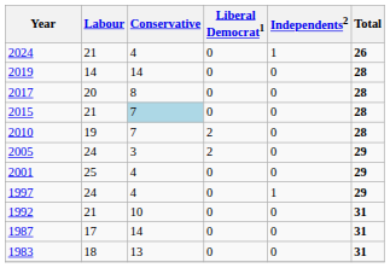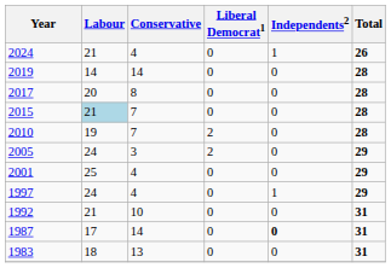 <table class="wikitable">
 <tr>
 <th width=20%>Year</th>
 <th><a href='#'>Labour</a></th>
 <th><a href='#'>Conservative</a></th>
 <th><a href='#'>Liberal</a><br><a href='#'>Democrat</a><sup>1</sup></th>
 <th><a href='#'>Independents</a><sup>2</sup></th>
 <th><strong>Total</strong></th>
 </tr>
 <tr>
 <td><a href='#'>2024</a></td>
 <td>21</td>
 <td>4</td>
 <td>0</td>
 <td>1</td>
 <td><strong>26</strong></td>
 </tr>
 <tr>
 <td><a href='#'>2019</a></td>
 <td>14</td>
 <td>14</td>
 <td>0</td>
 <td>0</td>
 <td><strong>28</strong></td>
 </tr>
 <tr>
 <td><a href='#'>2017</a></td>
 <td>20</td>
 <td>8</td>
 <td>0</td>
 <td>0</td>
 <td><strong>28</strong></td>
 </tr>
 <tr>
 <td><a href='#'>2015</a></td>
-<td>21</td>
-<td style="background: lightblue;">7</td>
+<td style="background: lightblue;">21</td>
+<td>7</td>
 <td>0</td>
 <td>0</td>
 <td><strong>28</strong></td>
 </tr>
 <tr>
 <td><a href='#'>2010</a></td>
 <td>19</td>
 <td>7</td>
 <td>2</td>
 <td>0</td>
 <td><strong>28</strong></td>
 </tr>
 <tr>
 <td><a href='#'>2005</a></td>
 <td>24</td>
 <td>3</td>
 <td>2</td>
 <td>0</td>
 <td><strong>29</strong></td>
 </tr>
 <tr>
 <td><a href='#'>2001</a></td>
 <td>25</td>
 <td>4</td>
 <td>0</td>
 <td>0</td>
 <td><strong>29</strong></td>
 </tr>
 <tr>
 <td><a href='#'>1997</a></td>
 <td>24</td>
 <td>4</td>
 <td>0</td>
 <td>1</td>
 <td><strong>29</strong></td>
 </tr>
 <tr>
 <td><a href='#'>1992</a></td>
 <td>21</td>
 <td>10</td>
 <td>0</td>
 <td>0</td>
 <td><strong>31</strong></td>
 </tr>
 <tr>
 <td><a href='#'>1987</a></td>
 <td>17</td>
 <td>14</td>
 <td>0</td>
-<td>0</td>
+<td><strong>0</strong></td>
 <td><strong>31</strong></td>
 </tr>
 <tr>
 <td><a href='#'>1983</a></td>
 <td>18</td>
 <td>13</td>
 <td>0</td>
 <td>0</td>
 <td><strong>31</strong></td>
 </tr>
 <tr>
 </tr>
 </table>
